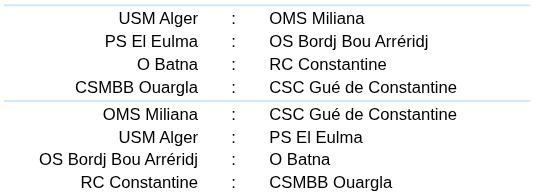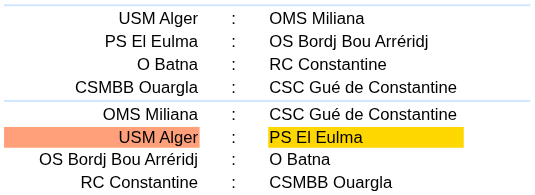 <table style="text-align:center" width=510>
 <tr>
 <th width=30%></th>
 <th width=10%></th>
 <th width=30%></th>
 <th width=10%></th>
 </tr>
 <tr align="left" bgcolor=#D0E7FF>
 <td colspan=4></td>
 </tr>
 <tr>
 <td align="right">USM Alger</td>
 <td>:</td>
 <td align=left>OMS Miliana</td>
 </tr>
 <tr>
 <td align="right">PS El Eulma</td>
 <td>:</td>
 <td align=left>OS Bordj Bou Arréridj</td>
 </tr>
 <tr>
 <td align="right">O Batna</td>
 <td>:</td>
 <td align=left>RC Constantine</td>
 </tr>
 <tr>
 <td align="right">CSMBB Ouargla</td>
 <td>:</td>
 <td align=left>CSC Gué de Constantine</td>
 </tr>
 <tr align="left" bgcolor=#D0E7FF>
 <td colspan=4></td>
 </tr>
 <tr>
 <td align="right">OMS Miliana</td>
 <td>:</td>
 <td align=left>CSC Gué de Constantine</td>
 </tr>
 <tr>
-<td align="right">USM Alger</td>
+<td align="right" style="background: lightsalmon;">USM Alger</td>
 <td>:</td>
-<td align=left>PS El Eulma</td>
+<td align=left style="background: gold;">PS El Eulma</td>
 </tr>
 <tr>
 <td align="right">OS Bordj Bou Arréridj</td>
 <td>:</td>
 <td align=left>O Batna</td>
 </tr>
 <tr>
 <td align="right">RC Constantine</td>
 <td>:</td>
 <td align=left>CSMBB Ouargla</td>
 </tr>
 </table>
